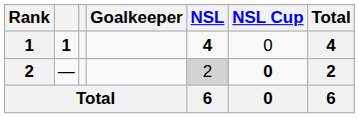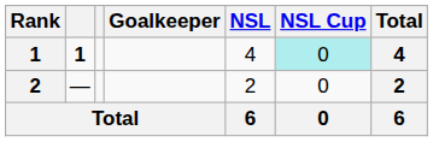 <table class="wikitable sortable" style="text-align:center">
 <tr>
 <th>Rank</th>
 <th></th>
 <th></th>
 <th>Goalkeeper</th>
 <th><a href='#'>NSL</a></th>
 <th><a href='#'>NSL Cup</a></th>
 <th>Total</th>
 </tr>
 <tr>
 <th>1</th>
 <td><strong>1</strong></td>
 <td></td>
 <td align="left"></td>
-<td><strong>4</strong></td>
-<td>0</td>
+<td>4</td>
+<td style="background: paleturquoise;">0</td>
 <th>4</th>
 </tr>
 <tr>
 <th>2</th>
 <td>—</td>
 <td></td>
 <td align="left"></td>
-<td style="background: lightgrey;">2</td>
-<td><strong>0</strong></td>
+<td>2</td>
+<td>0</td>
 <th>2</th>
 </tr>
 <tr>
 <th colspan="4">Total</th>
 <th>6</th>
 <th>0</th>
 <th>6</th>
 </tr>
 </table>
